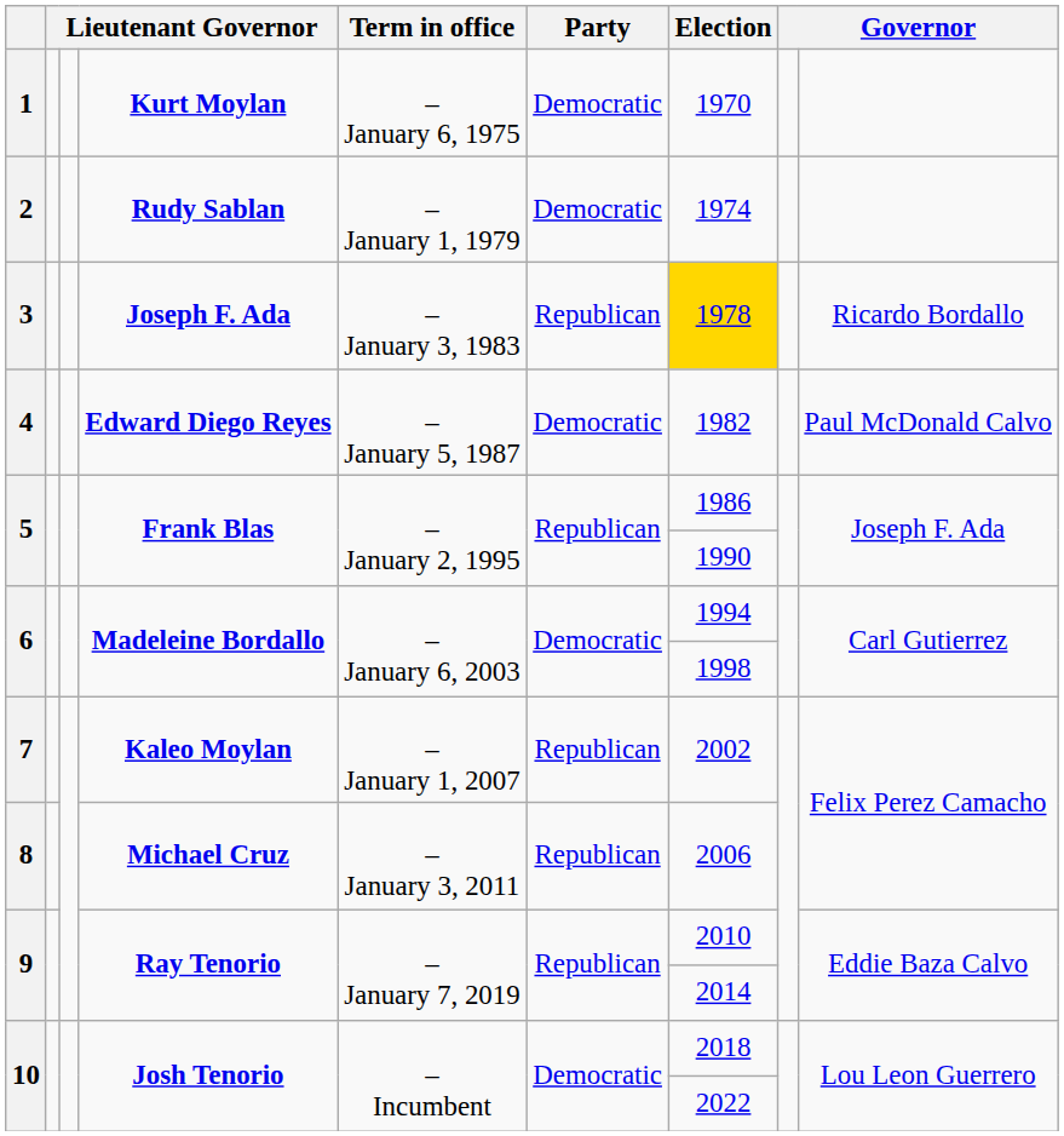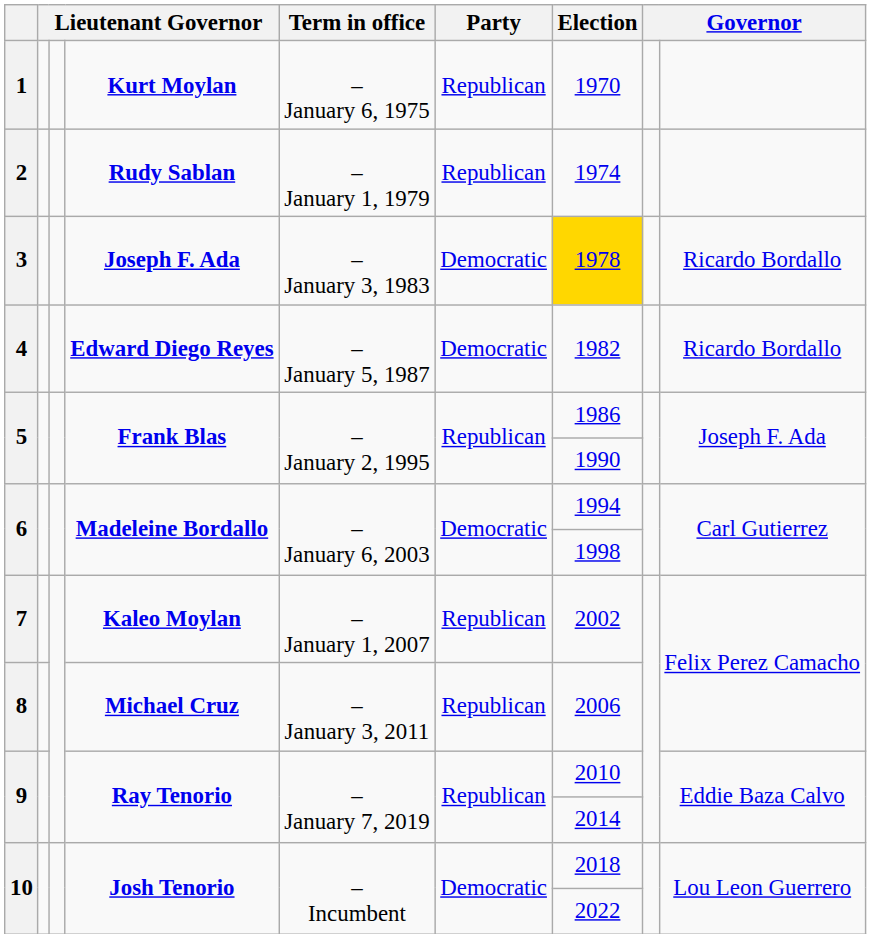 <table class="wikitable sortable mw-datatable sticky-header-multi" style="text-align:center;">
 <tr>
 <th scope="col" data-sort-type="number"></th>
 <th scope="colgroup" colspan="3">Lieutenant Governor</th>
 <th scope="col">Term in office</th>
 <th scope="col">Party</th>
 <th scope="col">Election</th>
 <th scope="colgroup" colspan="2"><a href='#'>Governor</a></th>
 </tr>
 <tr style="height:2em;">
 <th scope="row">1</th>
 <td data-sort-value="Moylan, Kurt"></td>
 <td rowspan="1" style="background:"> </td>
 <td><strong><a href='#'>Kurt Moylan</a></strong><br></td>
 <td><br>–<br>January 6, 1975<br></td>
-<td><a href='#'>Democratic</a></td>
+<td><a href='#'>Republican</a></td>
 <td><a href='#'>1970</a></td>
 <td rowspan="1" style="background:"> </td>
 <td></td>
 </tr>
 <tr style="height:2em;">
 <th scope="row">2</th>
 <td data-sort-value="Sablan, Rudy"></td>
 <td rowspan="1" style="background:"> </td>
 <td><strong><a href='#'>Rudy Sablan</a></strong><br></td>
 <td><br>–<br>January 1, 1979<br></td>
-<td><a href='#'>Democratic</a></td>
+<td><a href='#'>Republican</a></td>
 <td><a href='#'>1974</a></td>
 <td rowspan="1" style="background:"> </td>
 <td></td>
 </tr>
 <tr style="height:2em;">
 <th scope="row">3</th>
 <td data-sort-value="Ada, Joseph F."></td>
 <td rowspan="1" style="background:"> </td>
 <td><strong><a href='#'>Joseph F. Ada</a></strong><br></td>
 <td><br>–<br>January 3, 1983<br></td>
-<td><a href='#'>Republican</a></td>
+<td><a href='#'>Democratic</a></td>
 <td style="background: gold;"><a href='#'>1978</a></td>
 <td rowspan="1" style="background:"> </td>
 <td><a href='#'>Ricardo Bordallo</a></td>
 </tr>
 <tr style="height:2em;">
 <th scope="row">4</th>
 <td data-sort-value="Reyes, Edward Diego"></td>
 <td rowspan="1" style="background:"> </td>
 <td><strong><a href='#'>Edward Diego Reyes</a></strong><br></td>
 <td><br>–<br>January 5, 1987<br></td>
 <td><a href='#'>Democratic</a></td>
 <td><a href='#'>1982</a></td>
 <td rowspan="1" style="background:"> </td>
-<td><a href='#'>Paul McDonald Calvo</a></td>
+<td><a href='#'>Ricardo Bordallo</a></td>
 </tr>
 <tr style="height:2em;">
 <th scope="row" rowspan="2">5</th>
 <td data-sort-value="Blas, Frank" rowspan="2"></td>
 <td rowspan="2" style="background:"> </td>
 <td rowspan="2"><strong><a href='#'>Frank Blas</a></strong><br></td>
 <td rowspan="2"><br>–<br>January 2, 1995<br></td>
 <td rowspan="2"><a href='#'>Republican</a></td>
 <td><a href='#'>1986</a></td>
 <td rowspan="2" style="background:"> </td>
 <td rowspan="2"><a href='#'>Joseph F. Ada</a></td>
 </tr>
 <tr style="height:2em;">
 <td><a href='#'>1990</a></td>
 </tr>
 <tr style="height:2em;">
 <th scope="row" rowspan="2">6</th>
 <td data-sort-value="Bordallo, Madeleine" rowspan="2"></td>
 <td rowspan="2" style="background:"> </td>
 <td rowspan="2"><strong><a href='#'>Madeleine Bordallo</a></strong><br></td>
 <td rowspan="2"><br>–<br>January 6, 2003<br></td>
 <td rowspan="2"><a href='#'>Democratic</a></td>
 <td><a href='#'>1994</a></td>
 <td rowspan="2" style="background:"> </td>
 <td rowspan="2"><a href='#'>Carl Gutierrez</a></td>
 </tr>
 <tr style="height:2em;">
 <td><a href='#'>1998</a></td>
 </tr>
 <tr style="height:2em;">
 <th scope="row">7</th>
 <td data-sort-value="Moylan, Kaleo"></td>
 <td rowspan="4" style="background:"> </td>
 <td><strong><a href='#'>Kaleo Moylan</a></strong><br></td>
 <td><br>–<br>January 1, 2007<br></td>
 <td><a href='#'>Republican</a></td>
 <td><a href='#'>2002</a></td>
 <td rowspan="4" style="background:"> </td>
 <td rowspan="2"><a href='#'>Felix Perez Camacho</a></td>
 </tr>
 <tr style="height:2em;">
 <th scope="row">8</th>
 <td data-sort-value="Cruz, Michael"></td>
 <td><strong><a href='#'>Michael Cruz</a></strong><br></td>
 <td><br>–<br>January 3, 2011<br></td>
 <td><a href='#'>Republican</a></td>
 <td><a href='#'>2006</a></td>
 </tr>
 <tr style="height:2em;">
 <th scope="row" rowspan="2">9</th>
 <td data-sort-value="Tenorio, Ray" rowspan="2"></td>
 <td rowspan="2"><strong><a href='#'>Ray Tenorio</a></strong><br></td>
 <td rowspan="2"><br>–<br>January 7, 2019<br></td>
 <td rowspan="2"><a href='#'>Republican</a></td>
 <td><a href='#'>2010</a></td>
 <td rowspan="2"><a href='#'>Eddie Baza Calvo</a></td>
 </tr>
 <tr style="height:2em;">
 <td><a href='#'>2014</a></td>
 </tr>
 <tr style="height:2em;">
 <th scope="row" rowspan="2">10</th>
 <td data-sort-value="Tenorio, Josh" rowspan="2"></td>
 <td rowspan="2" style="background:"> </td>
 <td rowspan="2"><strong><a href='#'>Josh Tenorio</a></strong><br></td>
 <td rowspan="2"><br>–<br>Incumbent</td>
 <td rowspan="2"><a href='#'>Democratic</a></td>
 <td><a href='#'>2018</a></td>
 <td rowspan="2" style="background:"> </td>
 <td rowspan="2"><a href='#'>Lou Leon Guerrero</a></td>
 </tr>
 <tr style="height:2em;">
 <td><a href='#'>2022</a></td>
 </tr>
 </table>
